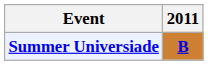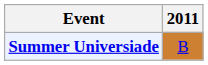 <table class="wikitable" style="font-size: 90%; text-align:center">
 <tr>
 <th>Event</th>
 <th>2011</th>
 </tr>
 <tr>
 <td bgcolor="#ECF2FF"; align="left"><strong><a href='#'>Summer Universiade</a></strong></td>
-<td bgcolor=CD7F32><strong><a href='#'>B</a></strong></td>
+<td bgcolor=CD7F32><a href='#'>B</a></td>
 </tr>
 </table>
